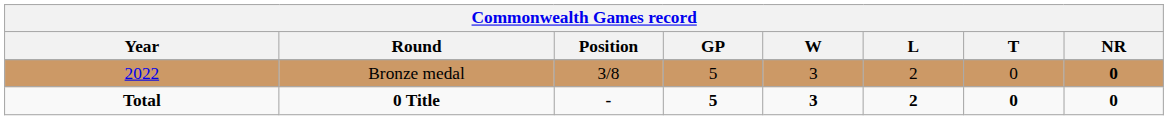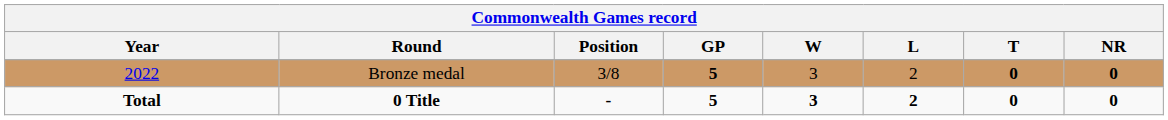 <table class="wikitable" style="text-align: center; width:85%">
 <tr>
 <th colspan=10><a href='#'>Commonwealth Games record</a></th>
 </tr>
 <tr>
 <th width=150>Year</th>
 <th width=150>Round</th>
 <th width=50>Position</th>
 <th width=50>GP</th>
 <th width=50>W</th>
 <th width=50>L</th>
 <th width=50>T</th>
 <th width=50>NR</th>
 </tr>
 <tr>
 </tr>
 <tr style="background:#cc9966;">
 <td> <a href='#'>2022</a></td>
 <td>Bronze medal</td>
 <td>3/8</td>
-<td>5</td>
+<td><strong>5</strong></td>
 <td>3</td>
 <td>2</td>
-<td>0</td>
+<td><strong>0</strong></td>
 <td><strong>0</strong></td>
 </tr>
 <tr>
 <td><strong>Total</strong></td>
 <td><strong>0 Title</strong></td>
 <td><strong>-</strong></td>
 <td><strong>5</strong></td>
 <td><strong>3</strong></td>
 <td><strong>2</strong></td>
 <td><strong>0</strong></td>
 <td><strong>0</strong></td>
 </tr>
 </table>
